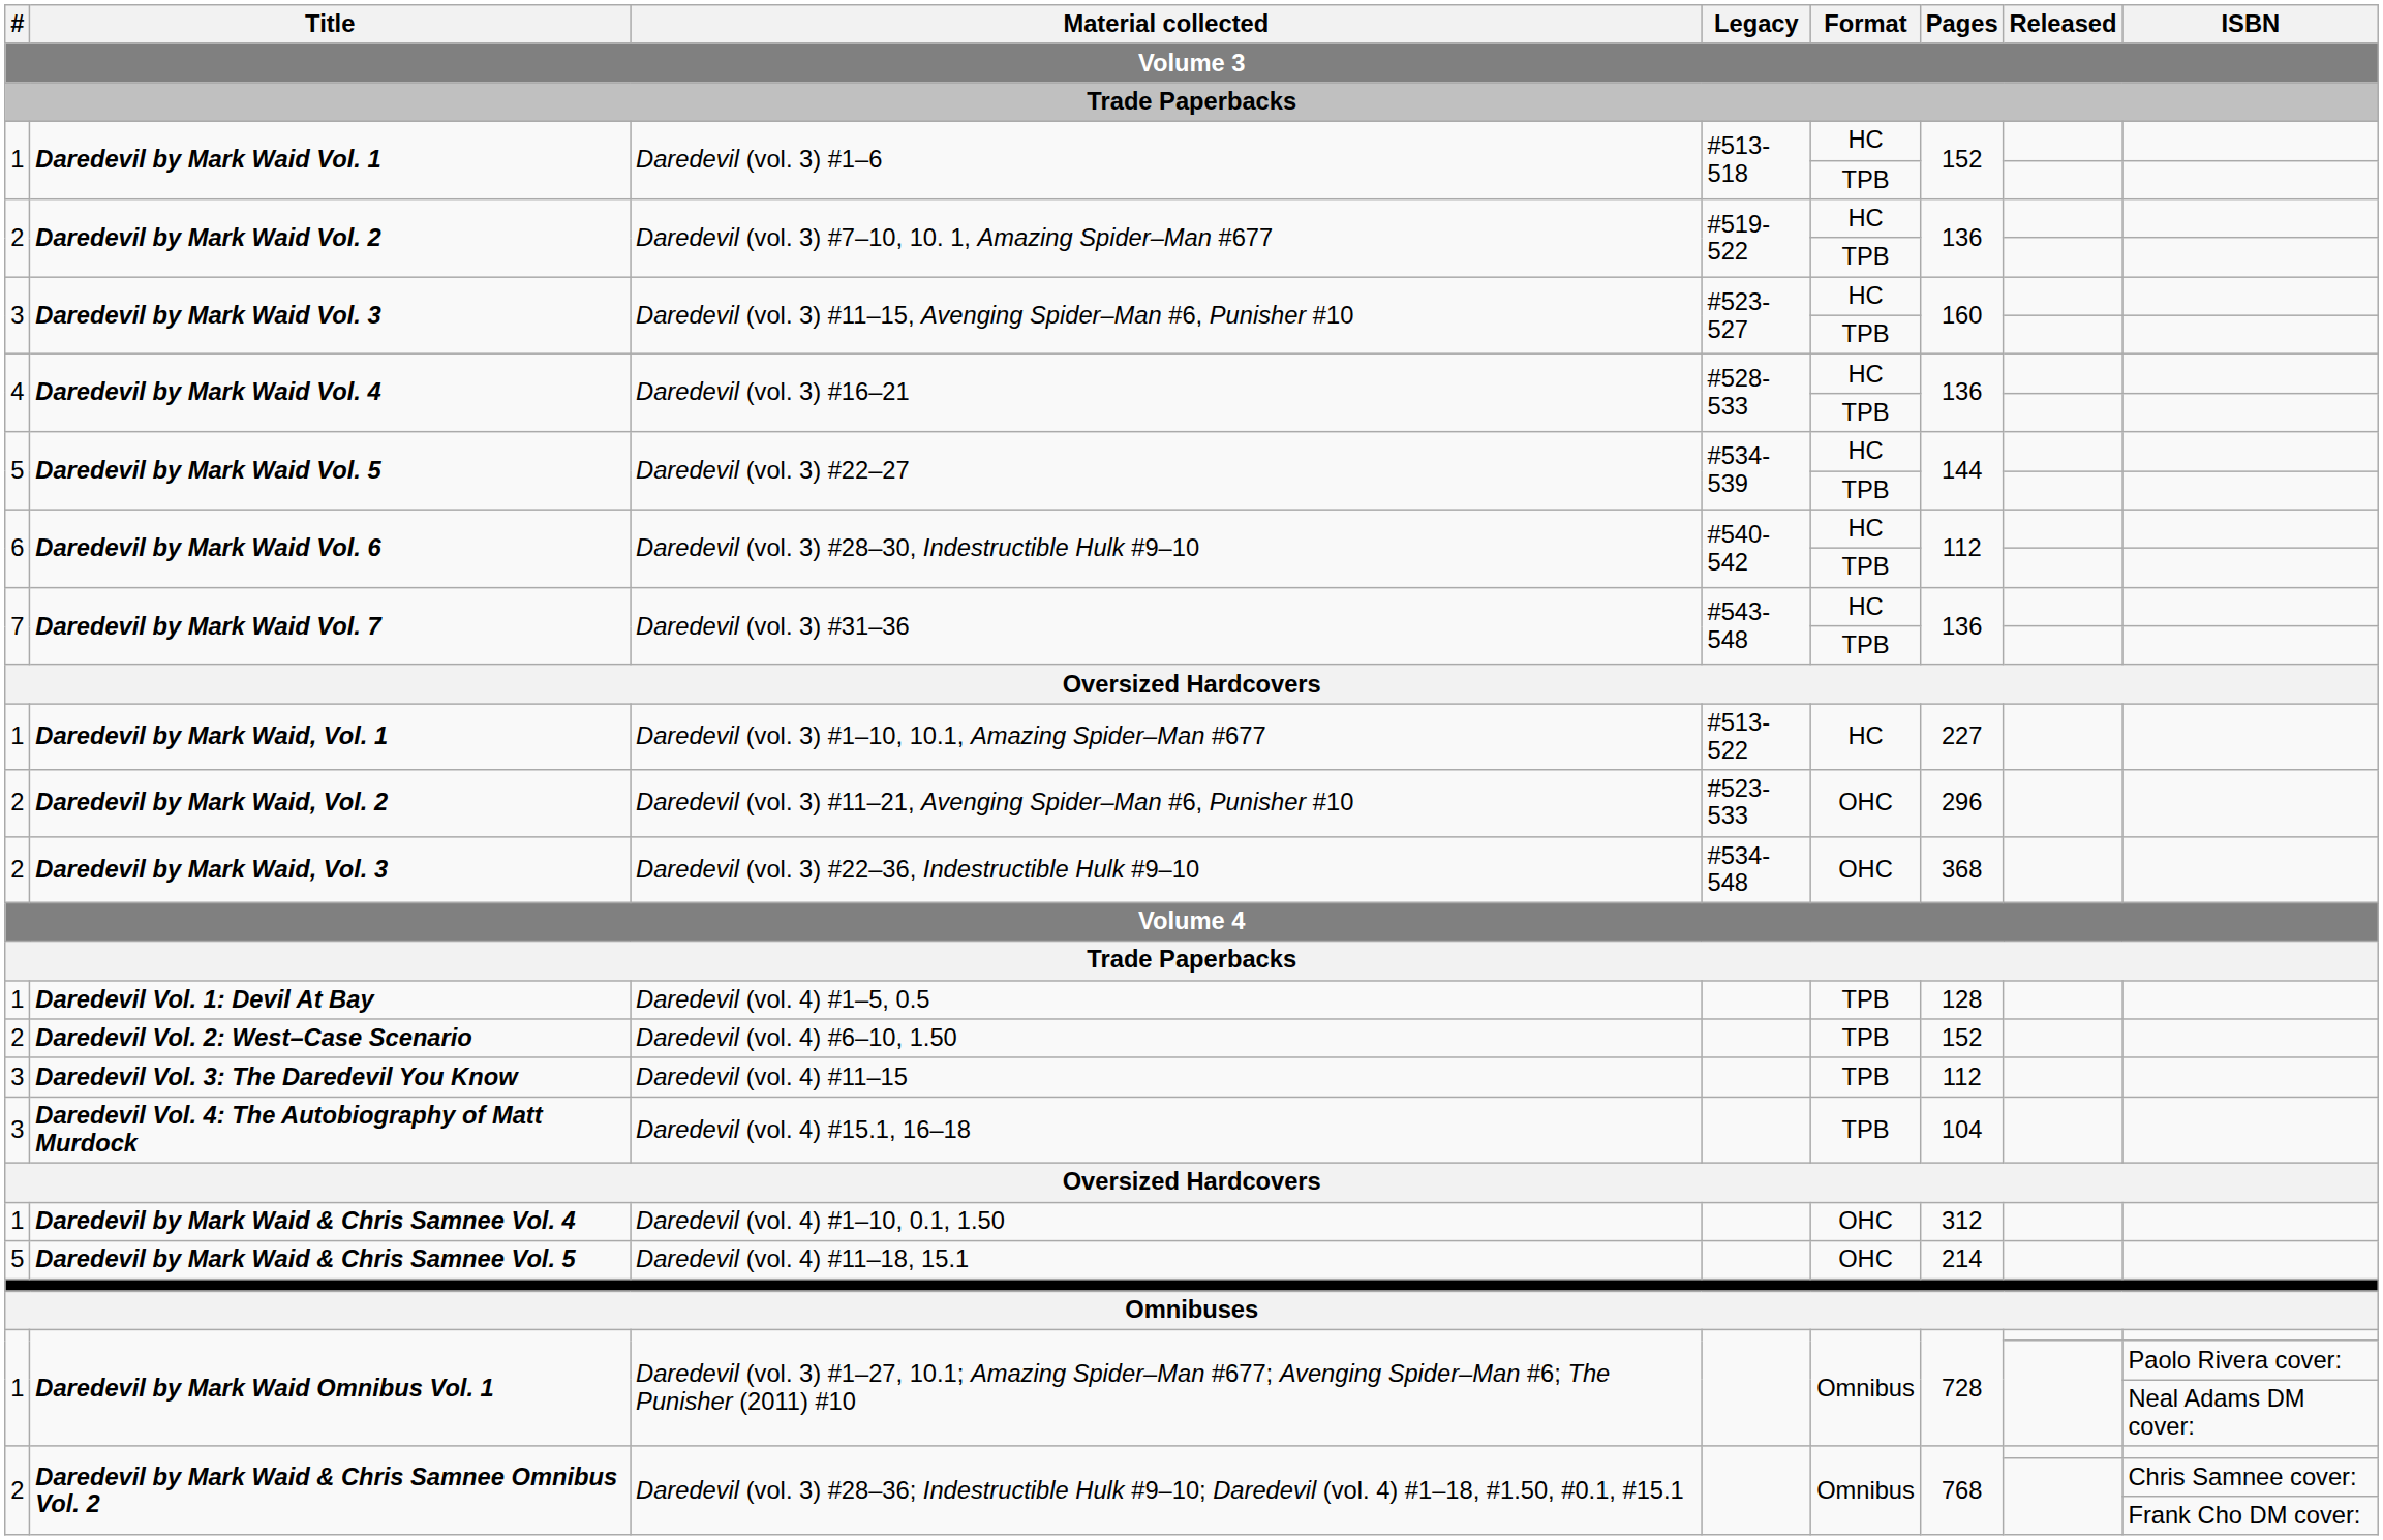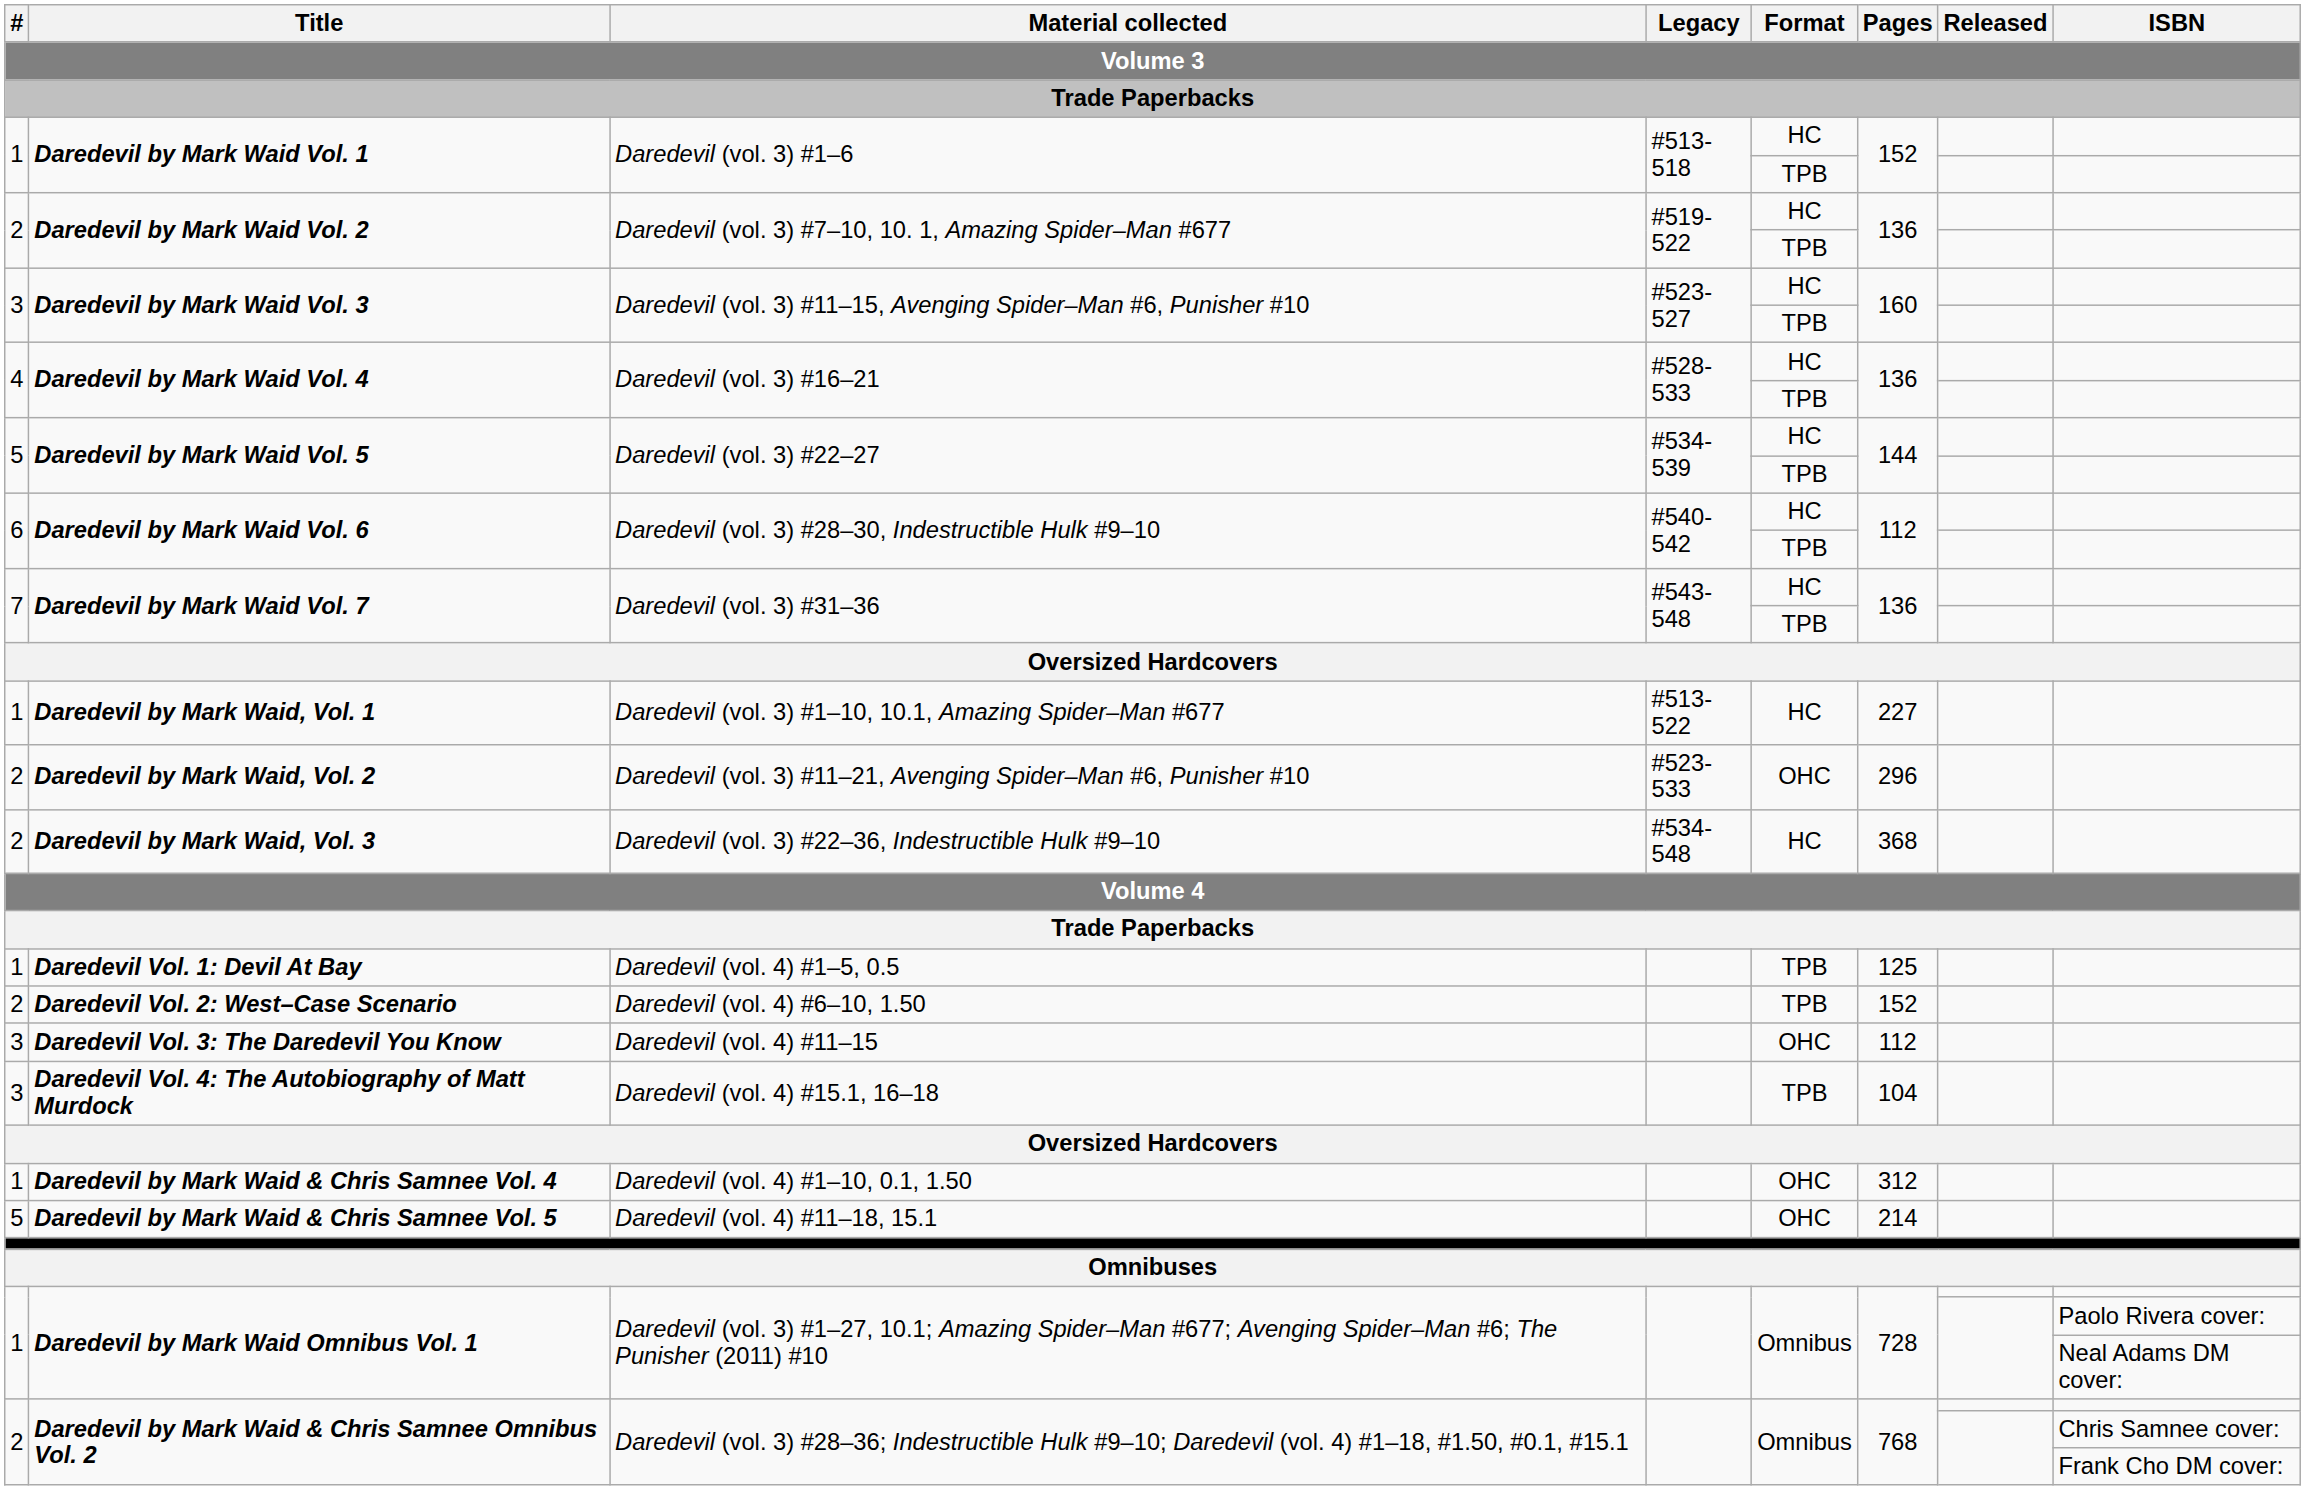 <table class="wikitable sortable" width=98%>
 <tr>
 <th width="4px">#</th>
 <th>Title</th>
 <th>Material collected</th>
 <th style="width: 4em;">Legacy</th>
 <th class="unsortable">Format</th>
 <th>Pages</th>
 <th>Released</th>
 <th class="unsortable" style="width: 10em;">ISBN</th>
 </tr>
 <tr>
 <th colspan="8" style="background-color: grey; color: white;">Volume 3</th>
 </tr>
 <tr>
 <th colspan="8" style="background-color: silver;">Trade Paperbacks</th>
 </tr>
 <tr>
 <td rowspan=2>1</td>
 <td rowspan=2><strong><em>Daredevil by Mark Waid Vol. 1</em></strong></td>
 <td rowspan=2><em>Daredevil</em> (vol. 3) #1–6</td>
 <td rowspan=2>#513-518</td>
 <td style="text-align: center;">HC</td>
 <td rowspan=2 style="text-align: center;">152</td>
 <td></td>
 <td></td>
 </tr>
 <tr>
 <td style="text-align: center;">TPB</td>
 <td></td>
 <td></td>
 </tr>
 <tr>
 <td rowspan=2>2</td>
 <td rowspan=2><strong><em>Daredevil by Mark Waid Vol. 2</em></strong></td>
 <td rowspan=2><em>Daredevil</em> (vol. 3) #7–10, 10. 1, <em>Amazing Spider–Man</em> #677</td>
 <td rowspan=2>#519-522</td>
 <td style="text-align: center;">HC</td>
 <td rowspan=2 style="text-align: center;">136</td>
 <td></td>
 <td></td>
 </tr>
 <tr>
 <td style="text-align: center;">TPB</td>
 <td></td>
 <td></td>
 </tr>
 <tr>
 <td rowspan=2>3</td>
 <td rowspan=2><strong><em>Daredevil by Mark Waid Vol. 3</em></strong></td>
 <td rowspan=2><em>Daredevil</em> (vol. 3) #11–15, <em>Avenging Spider–Man</em> #6, <em>Punisher</em> #10</td>
 <td rowspan=2>#523-527</td>
 <td style="text-align: center;">HC</td>
 <td rowspan=2 style="text-align: center;">160</td>
 <td></td>
 <td></td>
 </tr>
 <tr>
 <td style="text-align: center;">TPB</td>
 <td></td>
 <td></td>
 </tr>
 <tr>
 <td rowspan=2>4</td>
 <td rowspan=2><strong><em>Daredevil by Mark Waid Vol. 4</em></strong></td>
 <td rowspan=2><em>Daredevil</em> (vol. 3) #16–21</td>
 <td rowspan=2>#528-533</td>
 <td style="text-align: center;">HC</td>
 <td rowspan=2 style="text-align: center;">136</td>
 <td></td>
 <td></td>
 </tr>
 <tr>
 <td style="text-align: center;">TPB</td>
 <td></td>
 <td></td>
 </tr>
 <tr>
 <td rowspan=2>5</td>
 <td rowspan=2><strong><em>Daredevil by Mark Waid Vol. 5</em></strong></td>
 <td rowspan=2><em>Daredevil</em> (vol. 3) #22–27</td>
 <td rowspan=2>#534-539</td>
 <td style="text-align: center;">HC</td>
 <td rowspan=2 style="text-align: center;">144</td>
 <td></td>
 <td></td>
 </tr>
 <tr>
 <td style="text-align: center;">TPB</td>
 <td></td>
 <td></td>
 </tr>
 <tr>
 <td rowspan=2>6</td>
 <td rowspan=2><strong><em>Daredevil by Mark Waid Vol. 6</em></strong></td>
 <td rowspan=2><em>Daredevil</em> (vol. 3) #28–30, <em>Indestructible Hulk</em> #9–10</td>
 <td rowspan=2>#540-542</td>
 <td style="text-align: center;">HC</td>
 <td rowspan=2 style="text-align: center;">112</td>
 <td></td>
 <td></td>
 </tr>
 <tr>
 <td style="text-align: center;">TPB</td>
 <td></td>
 <td></td>
 </tr>
 <tr>
 <td rowspan=2>7</td>
 <td rowspan=2><strong><em>Daredevil by Mark Waid Vol. 7</em></strong></td>
 <td rowspan=2><em>Daredevil</em> (vol. 3) #31–36</td>
 <td rowspan=2>#543-548</td>
 <td style="text-align: center;">HC</td>
 <td rowspan=2 style="text-align: center;">136</td>
 <td></td>
 <td></td>
 </tr>
 <tr>
 <td style="text-align: center;">TPB</td>
 <td></td>
 <td></td>
 </tr>
 <tr>
 <th colspan="8">Oversized Hardcovers</th>
 </tr>
 <tr>
 <td>1</td>
 <td><strong><em>Daredevil by Mark Waid, Vol. 1</em></strong></td>
 <td><em>Daredevil</em> (vol. 3) #1–10, 10.1, <em>Amazing Spider–Man</em> #677</td>
 <td>#513-522</td>
 <td style="text-align: center;">HC</td>
 <td style="text-align: center;">227</td>
 <td></td>
 <td></td>
 </tr>
 <tr>
 <td>2</td>
 <td><strong><em>Daredevil by Mark Waid, Vol. 2</em></strong></td>
 <td><em>Daredevil</em> (vol. 3) #11–21, <em>Avenging Spider–Man</em> #6, <em>Punisher</em> #10</td>
 <td>#523-533</td>
 <td style="text-align: center;">OHC</td>
 <td style="text-align: center;">296</td>
 <td></td>
 <td></td>
 </tr>
 <tr>
 <td>2</td>
 <td><strong><em>Daredevil by Mark Waid, Vol. 3</em></strong></td>
 <td><em>Daredevil</em> (vol. 3) #22–36, <em>Indestructible Hulk</em> #9–10</td>
 <td>#534-548</td>
-<td style="text-align: center;">OHC</td>
+<td style="text-align: center;">HC</td>
 <td style="text-align: center;">368</td>
 <td></td>
 <td></td>
 </tr>
 <tr>
 <th colspan=8 style="background-color: grey; color: white;">Volume 4</th>
 </tr>
 <tr>
 <th colspan=8>Trade Paperbacks</th>
 </tr>
 <tr>
 <td>1</td>
 <td><strong><em>Daredevil Vol. 1: Devil At Bay</em></strong></td>
 <td><em>Daredevil</em> (vol. 4) #1–5, 0.5</td>
 <td></td>
 <td style="text-align: center;">TPB</td>
-<td style="text-align: center;">128</td>
+<td style="text-align: center;">125</td>
 <td></td>
 <td></td>
 </tr>
 <tr>
 <td>2</td>
 <td><strong><em>Daredevil Vol. 2: West–Case Scenario</em></strong></td>
 <td><em>Daredevil</em> (vol. 4) #6–10, 1.50</td>
 <td></td>
 <td style="text-align: center;">TPB</td>
 <td style="text-align: center;">152</td>
 <td></td>
 <td></td>
 </tr>
 <tr>
 <td>3</td>
 <td><strong><em>Daredevil Vol. 3: The Daredevil You Know</em></strong></td>
 <td><em>Daredevil</em> (vol. 4) #11–15</td>
 <td></td>
-<td style="text-align: center;">TPB</td>
+<td style="text-align: center;">OHC</td>
 <td style="text-align: center;">112</td>
 <td></td>
 <td></td>
 </tr>
 <tr>
 <td>3</td>
 <td><strong><em>Daredevil Vol. 4: The Autobiography of Matt Murdock</em></strong></td>
 <td><em>Daredevil</em> (vol. 4) #15.1, 16–18</td>
 <td></td>
 <td style="text-align: center;">TPB</td>
 <td style="text-align: center;">104</td>
 <td></td>
 <td></td>
 </tr>
 <tr>
 <th colspan=8>Oversized Hardcovers</th>
 </tr>
 <tr>
 <td>1</td>
 <td><strong><em>Daredevil by Mark Waid & Chris Samnee Vol. 4</em></strong></td>
 <td><em>Daredevil</em> (vol. 4) #1–10, 0.1, 1.50</td>
 <td></td>
 <td style="text-align: center;">OHC</td>
 <td style="text-align: center;">312</td>
 <td></td>
 <td></td>
 </tr>
 <tr>
 <td>5</td>
 <td><strong><em>Daredevil by Mark Waid & Chris Samnee Vol. 5</em></strong></td>
 <td><em>Daredevil</em> (vol. 4) #11–18, 15.1</td>
 <td></td>
 <td style="text-align: center;">OHC</td>
 <td style="text-align: center;">214</td>
 <td></td>
 <td></td>
 </tr>
 <tr>
 <td colspan=8 style="background-color: black;"></td>
 </tr>
 <tr>
 <th colspan=8>Omnibuses</th>
 </tr>
 <tr>
 <td rowspan=3>1</td>
 <td rowspan=3><strong><em>Daredevil by Mark Waid Omnibus Vol. 1</em></strong></td>
 <td rowspan=3><em>Daredevil</em> (vol. 3) #1–27, 10.1; <em>Amazing Spider–Man</em> #677; <em>Avenging Spider–Man</em> #6; <em>The Punisher</em> (2011) #10</td>
 <td rowspan=3></td>
 <td rowspan=3>Omnibus</td>
 <td rowspan=3 style="text-align: center;">728</td>
 <td></td>
 <td></td>
 </tr>
 <tr>
 <td rowspan=2></td>
 <td>Paolo Rivera cover: </td>
 </tr>
 <tr>
 <td>Neal Adams DM cover: </td>
 </tr>
 <tr>
 <td rowspan=3>2</td>
 <td rowspan=3><strong><em>Daredevil by Mark Waid & Chris Samnee Omnibus Vol. 2</em></strong></td>
 <td rowspan=3><em>Daredevil</em> (vol. 3) #28–36; <em>Indestructible Hulk</em> #9–10; <em>Daredevil</em> (vol. 4) #1–18, #1.50, #0.1, #15.1</td>
 <td rowspan=3></td>
 <td rowspan=3>Omnibus</td>
 <td rowspan=3 style="text-align: center;">768</td>
 <td></td>
 <td></td>
 </tr>
 <tr>
 <td rowspan=2></td>
 <td>Chris Samnee cover: </td>
 </tr>
 <tr>
 <td>Frank Cho DM cover: </td>
 </tr>
 </table>
